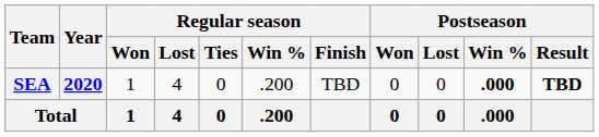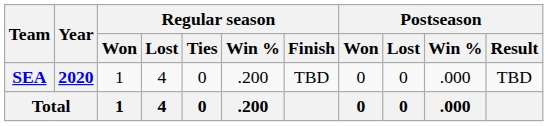 <table class="wikitable" style="font-size: 95%; text-align:center;">
 <tr>
 <th rowspan="2">Team</th>
 <th rowspan="2">Year</th>
 <th colspan="5">Regular season</th>
 <th colspan="4">Postseason</th>
 </tr>
 <tr>
 <th>Won</th>
 <th>Lost</th>
 <th>Ties</th>
 <th>Win %</th>
 <th>Finish</th>
 <th>Won</th>
 <th>Lost</th>
 <th>Win %</th>
 <th>Result</th>
 </tr>
 <tr>
 <th><a href='#'>SEA</a></th>
 <th><a href='#'>2020</a></th>
 <td>1</td>
 <td>4</td>
 <td>0</td>
 <td>.200</td>
 <td>TBD</td>
 <td>0</td>
 <td>0</td>
-<td><strong>.000</strong></td>
-<td><strong>TBD</strong></td>
+<td>.000</td>
+<td>TBD</td>
 </tr>
 <tr>
 <th colspan="2">Total</th>
 <th>1</th>
 <th>4</th>
 <th>0</th>
 <th>.200</th>
 <th></th>
 <th>0</th>
 <th>0</th>
 <th>.000</th>
 <th></th>
 </tr>
 </table>
